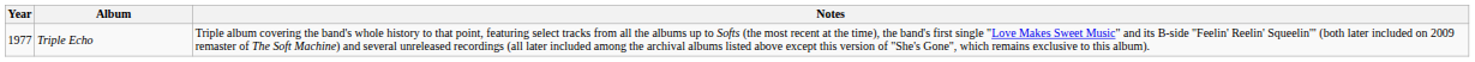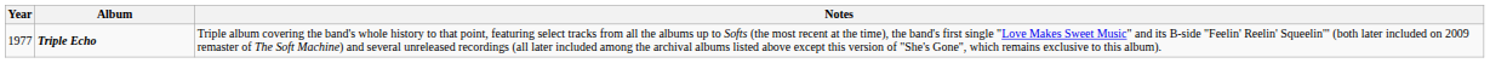 <table class="wikitable sortable">
 <tr>
 <th>Year</th>
 <th scope="col" style="width: 205px;">Album</th>
 <th>Notes</th>
 </tr>
 <tr>
 <td>1977</td>
-<td><em>Triple Echo</em></td>
+<td><strong><em>Triple Echo</em></strong></td>
 <td>Triple album covering the band's whole history to that point, featuring select tracks from all the albums up to <em>Softs</em> (the most recent at the time), the band's first single "<a href='#'>Love Makes Sweet Music</a>" and its B-side "Feelin' Reelin' Squeelin'" (both later included on 2009 remaster of <em>The Soft Machine</em>) and several unreleased recordings (all later included among the archival albums listed above except this version of "She's Gone", which remains exclusive to this album).</td>
 </tr>
 </table>
